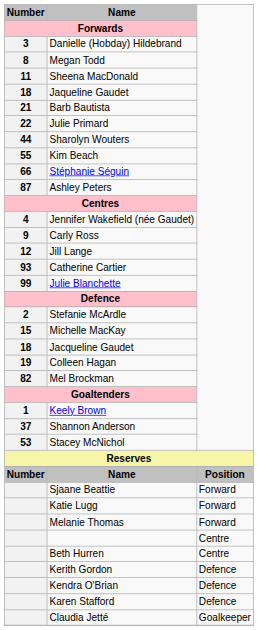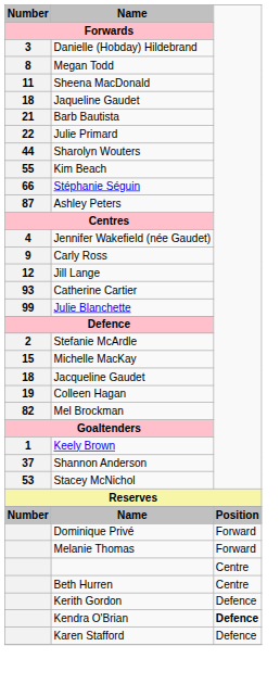 <table class="wikitable" style="text-align:left; font-size:90%;">
 <tr>
 <th width=10 style="background:silver;">Number</th>
 <th style="background:silver;">Name</th>
 </tr>
 <tr>
 <th style=background:pink colspan=2>Forwards</th>
 </tr>
 <tr>
 <th>3</th>
 <td>Danielle (Hobday) Hildebrand</td>
 </tr>
 <tr>
 <th>8</th>
 <td>Megan Todd</td>
 </tr>
 <tr>
 <th>11</th>
 <td>Sheena MacDonald</td>
 </tr>
 <tr>
 <th>18</th>
 <td>Jaqueline Gaudet</td>
 </tr>
 <tr>
 <th>21</th>
 <td>Barb Bautista</td>
 </tr>
 <tr>
 <th>22</th>
 <td>Julie Primard</td>
 </tr>
 <tr>
 <th>44</th>
 <td>Sharolyn Wouters</td>
 </tr>
 <tr>
 <th>55</th>
 <td>Kim Beach</td>
 </tr>
 <tr>
 <th>66</th>
 <td><a href='#'>Stéphanie Séguin</a></td>
 </tr>
 <tr>
 <th>87</th>
 <td>Ashley Peters</td>
 </tr>
 <tr>
 <th style=background:pink colspan=2>Centres</th>
 </tr>
 <tr>
 <th>4</th>
 <td>Jennifer Wakefield (née Gaudet)</td>
 </tr>
 <tr>
 <th>9</th>
 <td>Carly Ross</td>
 </tr>
 <tr>
 <th>12</th>
 <td>Jill Lange</td>
 </tr>
 <tr>
 <th>93</th>
 <td>Catherine Cartier</td>
 </tr>
 <tr>
 <th>99</th>
 <td><a href='#'>Julie Blanchette</a></td>
 </tr>
 <tr>
 <th style=background:pink colspan=2>Defence</th>
 </tr>
 <tr>
 <th>2</th>
 <td>Stefanie McArdle</td>
 </tr>
 <tr>
 <th>15</th>
 <td>Michelle MacKay</td>
 </tr>
 <tr>
 <th>18</th>
 <td>Jacqueline Gaudet</td>
 </tr>
 <tr>
 <th>19</th>
 <td>Colleen Hagan</td>
 </tr>
 <tr>
 <th>82</th>
 <td>Mel Brockman</td>
 </tr>
 <tr>
 <th style=background:pink colspan=2>Goaltenders</th>
 </tr>
 <tr>
 <th>1</th>
 <td><a href='#'>Keely Brown</a></td>
 </tr>
 <tr>
 <th>37</th>
 <td>Shannon Anderson</td>
 </tr>
 <tr>
 <th>53</th>
 <td>Stacey McNichol</td>
 </tr>
 <tr>
 <th style=background:#f7f6a8 colspan=3>Reserves</th>
 </tr>
 <tr>
 <th width=10 style="background:silver;">Number</th>
 <th style="background:silver;">Name</th>
 <th style="background:silver;">Position</th>
 </tr>
 <tr>
 <th></th>
-<td>Sjaane Beattie</td>
-<td>Forward</td>
-</tr>
-<tr>
-<th></th>
-<td>Katie Lugg</td>
+<td>Dominique Privé</td>
 <td>Forward</td>
 </tr>
 <tr>
 <th></th>
 <td>Melanie Thomas</td>
 <td>Forward</td>
 </tr>
 <tr>
 <th></th>
 <td></td>
 <td>Centre</td>
 </tr>
 <tr>
 <th></th>
 <td>Beth Hurren</td>
 <td>Centre</td>
 </tr>
 <tr>
 <th></th>
 <td>Kerith Gordon</td>
 <td>Defence</td>
 </tr>
 <tr>
 <th></th>
 <td>Kendra O'Brian</td>
-<td>Defence</td>
+<td><strong>Defence</strong></td>
 </tr>
 <tr>
 <th></th>
 <td>Karen Stafford</td>
 <td>Defence</td>
 </tr>
 <tr>
-<th></th>
-<td>Claudia Jetté</td>
-<td>Goalkeeper</td>
-</tr>
-<tr>
 </tr>
 </table>
